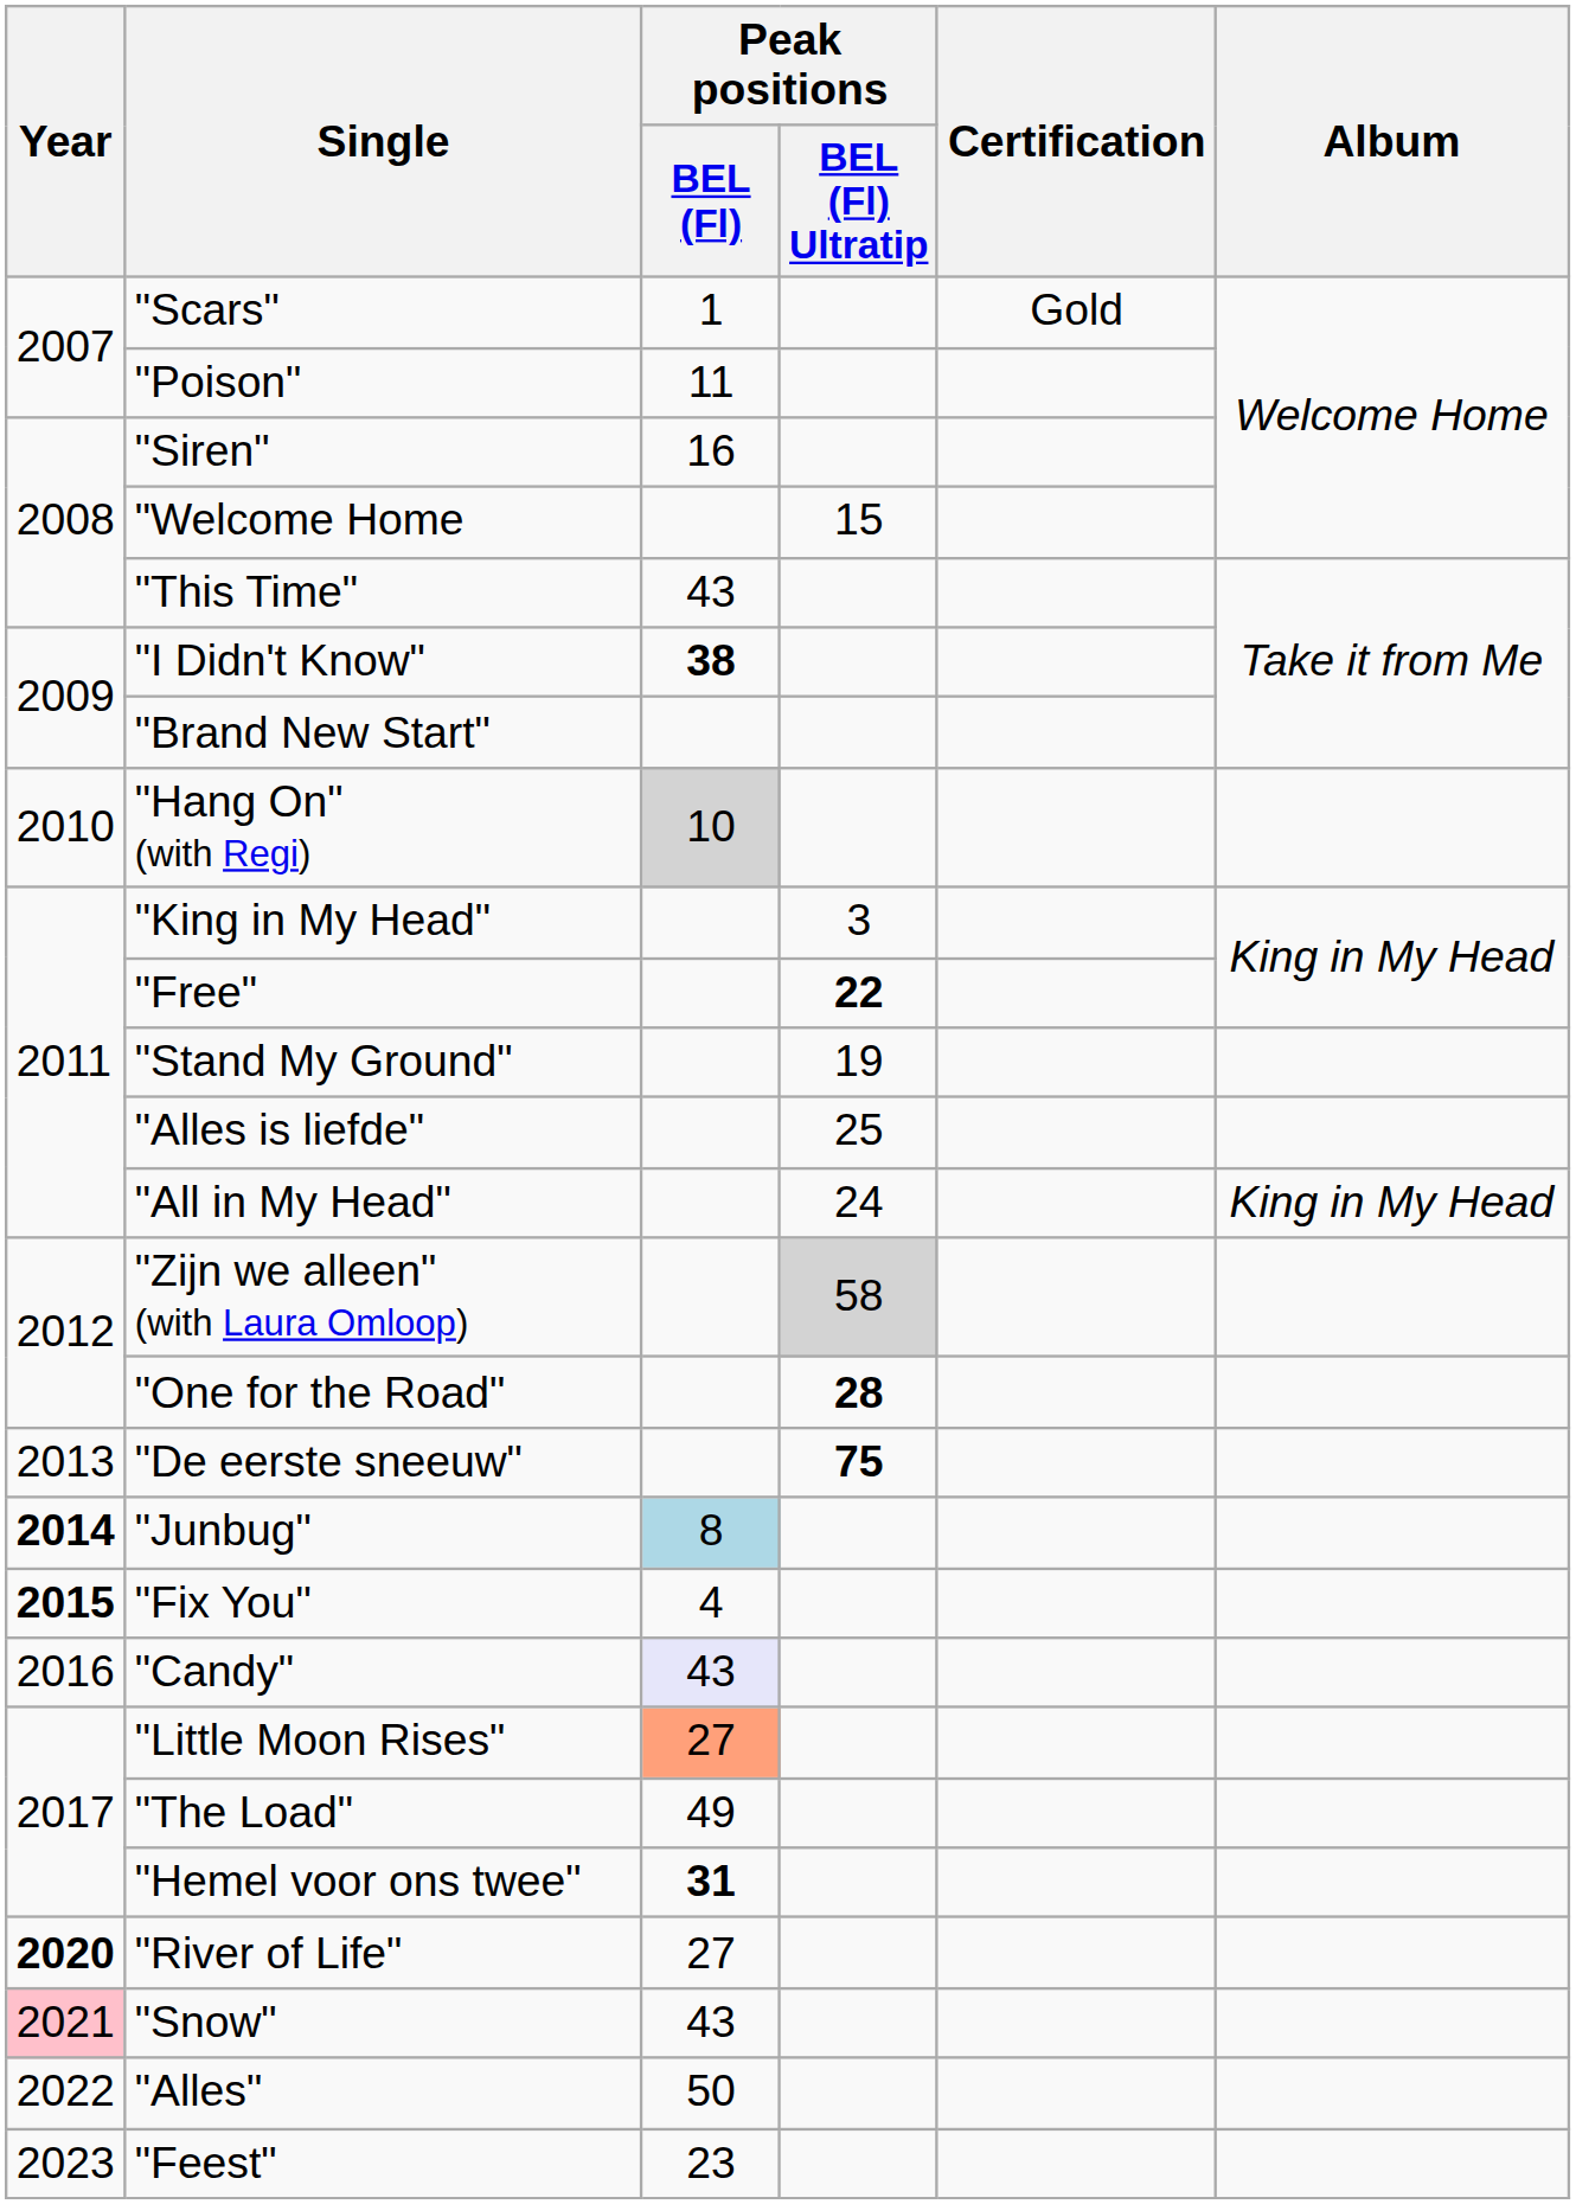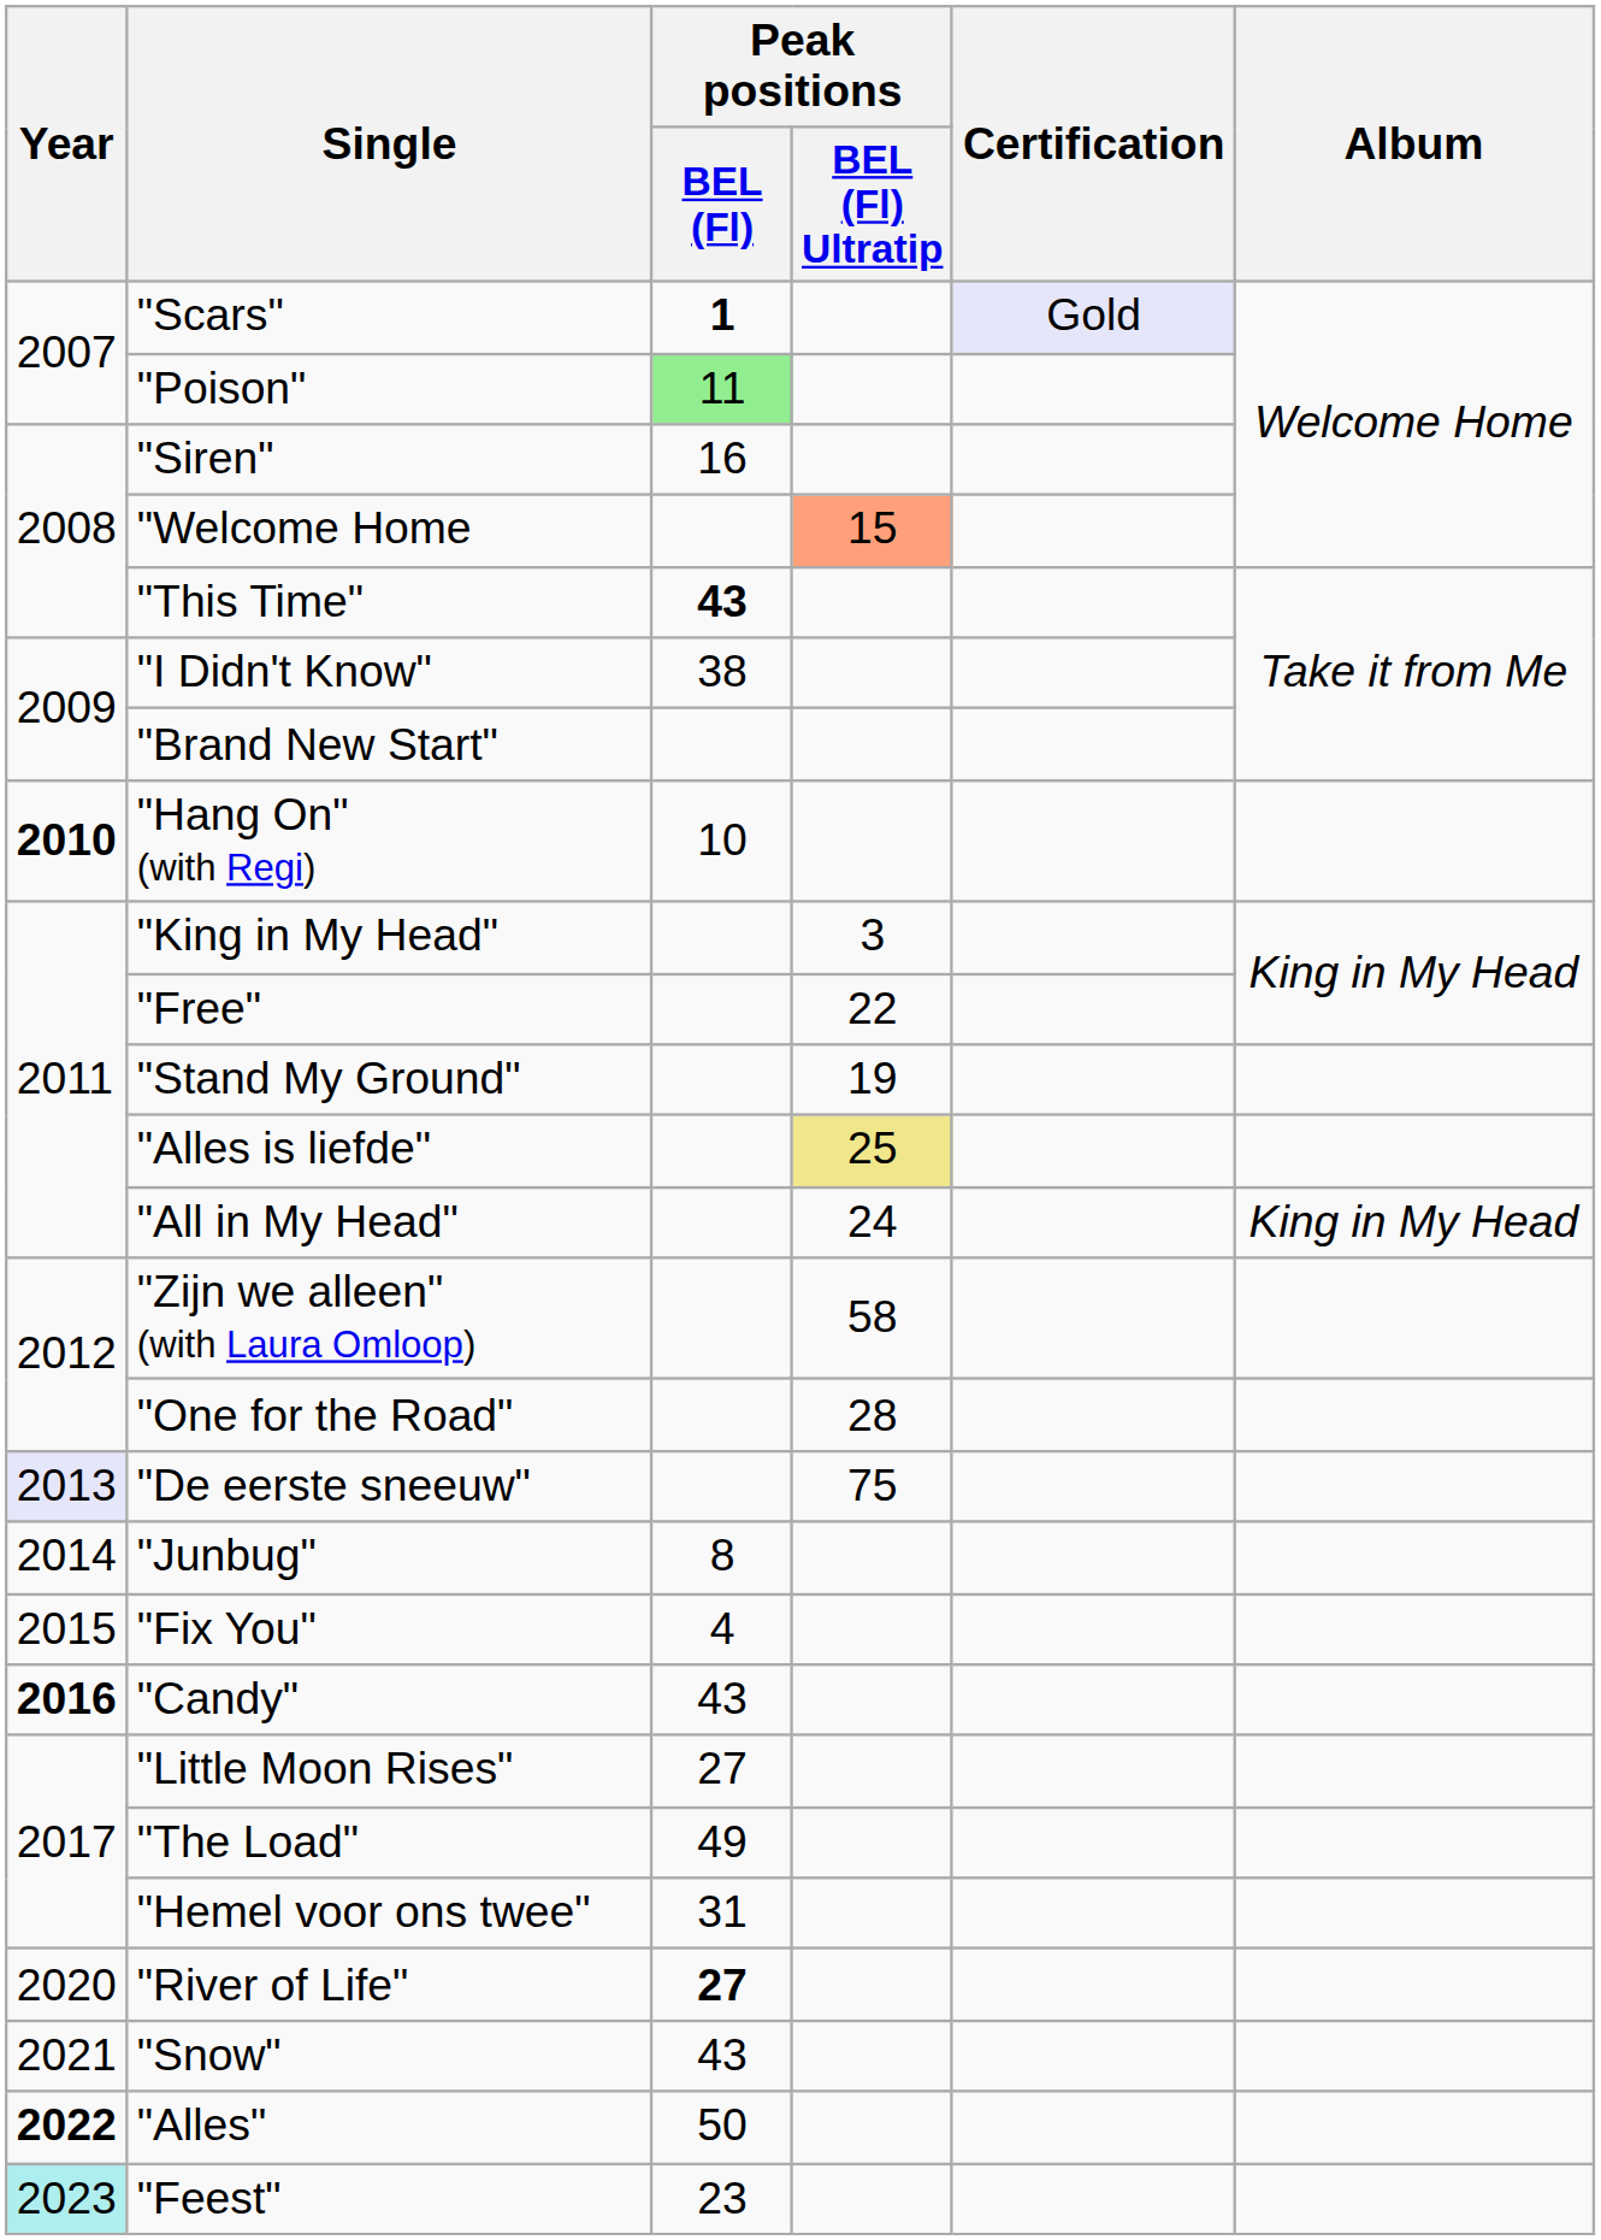 <table class="wikitable">
 <tr>
 <th align="center" rowspan="2" width="10">Year</th>
 <th align="center" rowspan="2" width="180">Single</th>
 <th align="center" colspan="2" width="20">Peak positions</th>
 <th align="center" rowspan="2" width="70">Certification</th>
 <th align="center" rowspan="2" width="120">Album</th>
 </tr>
 <tr>
 <th scope="col" style="width:3em;font-size:90%;"><a href='#'>BEL <br>(Fl)</a><br></th>
 <th scope="col" style="width:3em;font-size:90%;"><a href='#'>BEL <br>(Fl)<br>Ultratip</a><br></th>
 </tr>
 <tr>
 <td rowspan=2>2007</td>
 <td>"Scars"</td>
-<td style="text-align:center;">1</td>
+<td style="text-align:center;"><strong>1</strong></td>
 <td style="text-align:center;"></td>
-<td style="text-align:center;">Gold</td>
+<td style="background: lavender; text-align:center;">Gold</td>
 <td style="text-align:center;" rowspan=4><em>Welcome Home</em></td>
 </tr>
 <tr>
 <td>"Poison"</td>
-<td style="text-align:center;">11</td>
+<td style="background: lightgreen; text-align:center;">11</td>
 <td style="text-align:center;"></td>
 <td style="text-align:center;"></td>
 </tr>
 <tr>
 <td rowspan=3>2008</td>
 <td>"Siren"</td>
 <td style="text-align:center;">16</td>
 <td style="text-align:center;"></td>
 <td style="text-align:center;"></td>
 </tr>
 <tr>
 <td>"Welcome Home</td>
 <td style="text-align:center;"></td>
-<td style="text-align:center;">15</td>
+<td style="background: lightsalmon; text-align:center;">15</td>
 <td style="text-align:center;"></td>
 </tr>
 <tr>
 <td>"This Time"</td>
-<td style="text-align:center;">43</td>
+<td style="text-align:center;"><strong>43</strong></td>
 <td style="text-align:center;"></td>
 <td style="text-align:center;"></td>
 <td style="text-align:center;" rowspan=3><em>Take it from Me</em></td>
 </tr>
 <tr>
 <td rowspan=2>2009</td>
 <td>"I Didn't Know"</td>
-<td style="text-align:center;"><strong>38</strong></td>
+<td style="text-align:center;">38</td>
 <td style="text-align:center;"></td>
 <td style="text-align:center;"></td>
 </tr>
 <tr>
 <td>"Brand New Start"</td>
 <td style="text-align:center;"></td>
 <td style="text-align:center;"></td>
 <td style="text-align:center;"></td>
 </tr>
 <tr>
-<td rowspan=1>2010</td>
+<td rowspan=1><strong>2010</strong></td>
 <td>"Hang On" <br><small>(with <a href='#'>Regi</a>)</small></td>
-<td style="background: lightgrey; text-align:center;">10</td>
+<td style="text-align:center;">10</td>
 <td style="text-align:center;"></td>
 <td style="text-align:center;"></td>
 <td style="text-align:center;"></td>
 </tr>
 <tr>
 <td rowspan=5>2011</td>
 <td>"King in My Head"</td>
 <td style="text-align:center;"></td>
 <td style="text-align:center;">3</td>
 <td style="text-align:center;"></td>
 <td style="text-align:center;" rowspan=2><em>King in My Head</em></td>
 </tr>
 <tr>
 <td>"Free"</td>
 <td style="text-align:center;"></td>
-<td style="text-align:center;"><strong>22</strong></td>
+<td style="text-align:center;">22</td>
 <td style="text-align:center;"></td>
 </tr>
 <tr>
 <td>"Stand My Ground"</td>
 <td style="text-align:center;"></td>
 <td style="text-align:center;">19</td>
 <td style="text-align:center;"></td>
 <td style="text-align:center;"></td>
 </tr>
 <tr>
 <td>"Alles is liefde"</td>
 <td style="text-align:center;"></td>
-<td style="text-align:center;">25</td>
+<td style="background: khaki; text-align:center;">25</td>
 <td style="text-align:center;"></td>
 <td style="text-align:center;"></td>
 </tr>
 <tr>
 <td>"All in My Head"</td>
 <td style="text-align:center;"></td>
 <td style="text-align:center;">24</td>
 <td style="text-align:center;"></td>
 <td style="text-align:center;"><em>King in My Head</em></td>
 </tr>
 <tr>
 <td rowspan=2>2012</td>
 <td>"Zijn we alleen" <br><small>(with <a href='#'>Laura Omloop</a>)</small></td>
 <td style="text-align:center;"></td>
-<td style="background: lightgrey; text-align:center;">58</td>
+<td style="text-align:center;">58</td>
 <td style="text-align:center;"></td>
 <td style="text-align:center;"></td>
 </tr>
 <tr>
 <td>"One for the Road"</td>
 <td style="text-align:center;"></td>
-<td style="text-align:center;"><strong>28</strong></td>
+<td style="text-align:center;">28</td>
 <td style="text-align:center;"></td>
 <td style="text-align:center;"></td>
 </tr>
 <tr>
-<td rowspan=1>2013</td>
+<td rowspan=1 style="background: lavender;">2013</td>
 <td>"De eerste sneeuw"</td>
 <td style="text-align:center;"></td>
-<td style="text-align:center;"><strong>75</strong></td>
+<td style="text-align:center;">75</td>
 <td style="text-align:center;"></td>
 <td style="text-align:center;"></td>
 </tr>
 <tr>
-<td><strong>2014</strong></td>
+<td>2014</td>
 <td>"Junbug"</td>
-<td style="background: lightblue; text-align:center;">8</td>
+<td style="text-align:center;">8</td>
 <td style="text-align:center;"></td>
 <td style="text-align:center;"></td>
 <td style="text-align:center;"></td>
 </tr>
 <tr>
-<td><strong>2015</strong></td>
+<td>2015</td>
 <td>"Fix You"<br></td>
 <td style="text-align:center;">4</td>
 <td style="text-align:center;"></td>
 <td style="text-align:center;"></td>
 <td style="text-align:center;"></td>
 </tr>
 <tr>
-<td>2016</td>
+<td><strong>2016</strong></td>
 <td>"Candy"</td>
-<td style="background: lavender; text-align:center;">43</td>
+<td style="text-align:center;">43</td>
 <td style="text-align:center;"></td>
 <td style="text-align:center;"></td>
 <td style="text-align:center;"></td>
 </tr>
 <tr>
 <td rowspan="3">2017</td>
 <td>"Little Moon Rises"<br></td>
-<td style="background: lightsalmon; text-align:center;">27</td>
+<td style="text-align:center;">27</td>
 <td style="text-align:center;"></td>
 <td style="text-align:center;"></td>
 <td style="text-align:center;"></td>
 </tr>
 <tr>
 <td>"The Load"</td>
 <td style="text-align:center;">49</td>
 <td style="text-align:center;"></td>
 <td style="text-align:center;"></td>
 <td style="text-align:center;"></td>
 </tr>
 <tr>
 <td>"Hemel voor ons twee"</td>
-<td style="text-align:center;"><strong>31</strong></td>
+<td style="text-align:center;">31</td>
 <td style="text-align:center;"></td>
 <td style="text-align:center;"></td>
 <td style="text-align:center;"></td>
 </tr>
 <tr>
-<td><strong>2020</strong></td>
+<td>2020</td>
 <td>"River of Life"</td>
-<td style="text-align:center;">27</td>
+<td style="text-align:center;"><strong>27</strong></td>
 <td style="text-align:center;"></td>
 <td style="text-align:center;"></td>
 <td style="text-align:center;"></td>
 </tr>
 <tr>
-<td style="background: pink;">2021</td>
+<td>2021</td>
 <td>"Snow"</td>
 <td style="text-align:center;">43</td>
 <td style="text-align:center;"></td>
 <td style="text-align:center;"></td>
 <td style="text-align:center;"></td>
 </tr>
 <tr>
-<td>2022</td>
+<td><strong>2022</strong></td>
 <td>"Alles"</td>
 <td style="text-align:center;">50</td>
 <td style="text-align:center;"></td>
 <td style="text-align:center;"></td>
 <td style="text-align:center;"></td>
 </tr>
 <tr>
-<td>2023</td>
+<td style="background: paleturquoise;">2023</td>
 <td>"Feest"</td>
 <td style="text-align:center;">23</td>
 <td style="text-align:center;"></td>
 <td style="text-align:center;"></td>
 <td style="text-align:center;"></td>
 </tr>
 </table>
